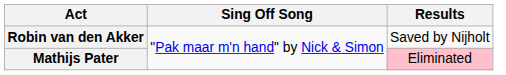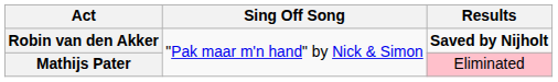 <table class="wikitable plainrowheaders" style="text-align:center;">
 <tr>
 <th scope="col">Act</th>
 <th scope="col">Sing Off Song</th>
 <th scope="col">Results</th>
 </tr>
 <tr>
 <th scope="row">Robin van den Akker</th>
 <td rowspan="2">"<a href='#'>Pak maar m'n hand</a>" by <a href='#'>Nick & Simon</a></td>
-<td>Saved by Nijholt</td>
+<td><strong>Saved by Nijholt</strong></td>
 </tr>
 <tr>
 <th scope="row">Mathijs Pater</th>
 <td style="background:pink;">Eliminated</td>
 </tr>
 </table>
